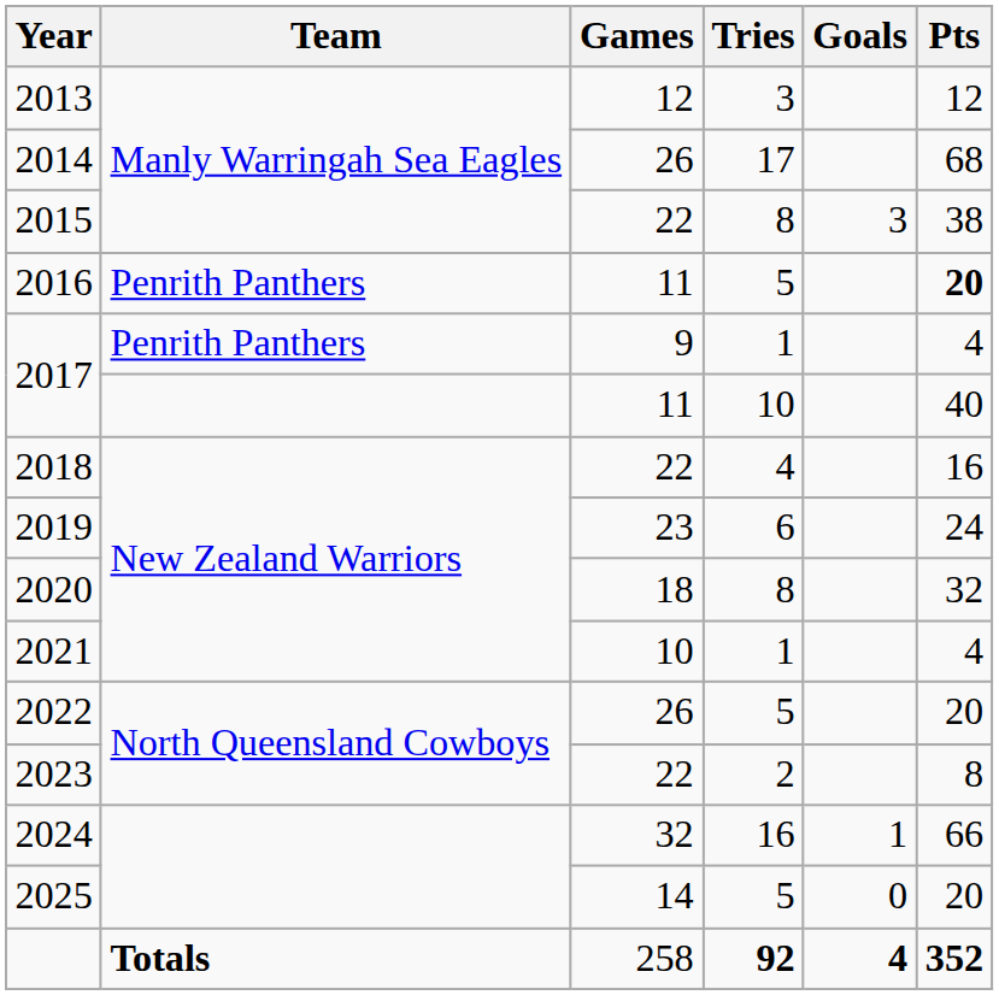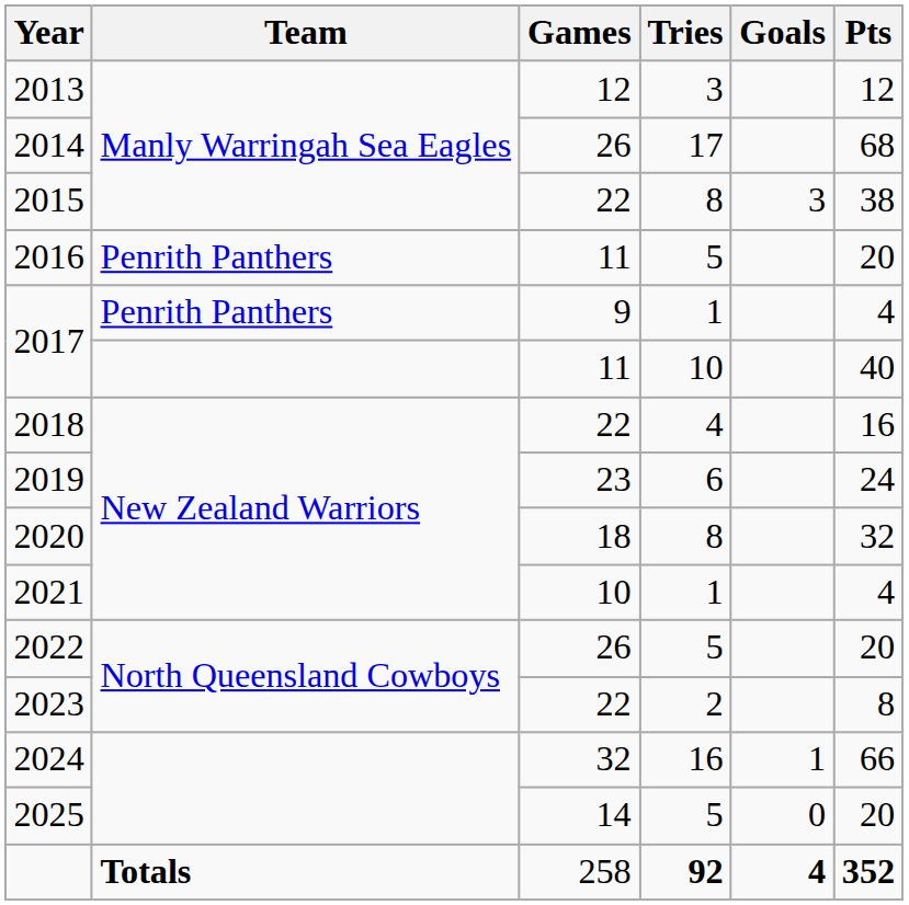 <table class="wikitable">
 <tr>
 <th>Year</th>
 <th>Team</th>
 <th>Games</th>
 <th>Tries</th>
 <th>Goals</th>
 <th>Pts</th>
 </tr>
 <tr>
 <td align=center>2013</td>
 <td rowspan="3" align=left> <a href='#'>Manly Warringah Sea Eagles</a></td>
 <td align=right>12</td>
 <td align=right>3</td>
 <td align=right></td>
 <td align=right>12</td>
 </tr>
 <tr>
 <td align=center>2014</td>
 <td align=right>26</td>
 <td align=right>17</td>
 <td align=right></td>
 <td align=right>68</td>
 </tr>
 <tr>
 <td align=center>2015</td>
 <td align=right>22</td>
 <td align=right>8</td>
 <td align=right>3</td>
 <td align=right>38</td>
 </tr>
 <tr>
 <td align=center>2016</td>
 <td align="left"> <a href='#'>Penrith Panthers</a></td>
 <td align=right>11</td>
 <td align=right>5</td>
 <td align=right></td>
-<td align=right><strong>20</strong></td>
+<td align=right>20</td>
 </tr>
 <tr>
 <td rowspan="2">2017</td>
 <td> <a href='#'>Penrith Panthers</a></td>
 <td align="right">9</td>
 <td align=right>1</td>
 <td align=right></td>
 <td align=right>4</td>
 </tr>
 <tr>
 <td align=left></td>
 <td align=right>11</td>
 <td align=right>10</td>
 <td align=right></td>
 <td align=right>40</td>
 </tr>
 <tr>
 <td align=center>2018</td>
 <td rowspan="4" align=left> <a href='#'>New Zealand Warriors</a></td>
 <td align=right>22</td>
 <td align=right>4</td>
 <td align=right></td>
 <td align=right>16</td>
 </tr>
 <tr>
 <td align=center>2019</td>
 <td align=right>23</td>
 <td align=right>6</td>
 <td align=right></td>
 <td align=right>24</td>
 </tr>
 <tr>
 <td align=center>2020</td>
 <td align=right>18</td>
 <td align=right>8</td>
 <td align=right></td>
 <td align=right>32</td>
 </tr>
 <tr>
 <td align=center>2021</td>
 <td align=right>10</td>
 <td align=right>1</td>
 <td align=right></td>
 <td align=right>4</td>
 </tr>
 <tr>
 <td align=center>2022</td>
 <td rowspan="2" align=left> <a href='#'>North Queensland Cowboys</a></td>
 <td align=right>26</td>
 <td align=right>5</td>
 <td align=right></td>
 <td align=right>20</td>
 </tr>
 <tr>
 <td align=center>2023</td>
 <td align=right>22</td>
 <td align=right>2</td>
 <td align=right></td>
 <td align=right>8</td>
 </tr>
 <tr>
 <td align=center>2024</td>
 <td rowspan="2" align=left></td>
 <td align=right>32</td>
 <td align=right>16</td>
 <td align=right>1</td>
 <td align=right>66</td>
 </tr>
 <tr>
 <td align=center>2025</td>
 <td align=right>14</td>
 <td align=right>5</td>
 <td align=right>0</td>
 <td align=right>20</td>
 </tr>
 <tr>
 <td></td>
 <td align=left><strong>Totals</strong></td>
 <td align=right>258</td>
 <td align=right><strong>92</strong></td>
 <td align=right><strong>4</strong></td>
 <td align=right><strong>352</strong></td>
 </tr>
 </table>
